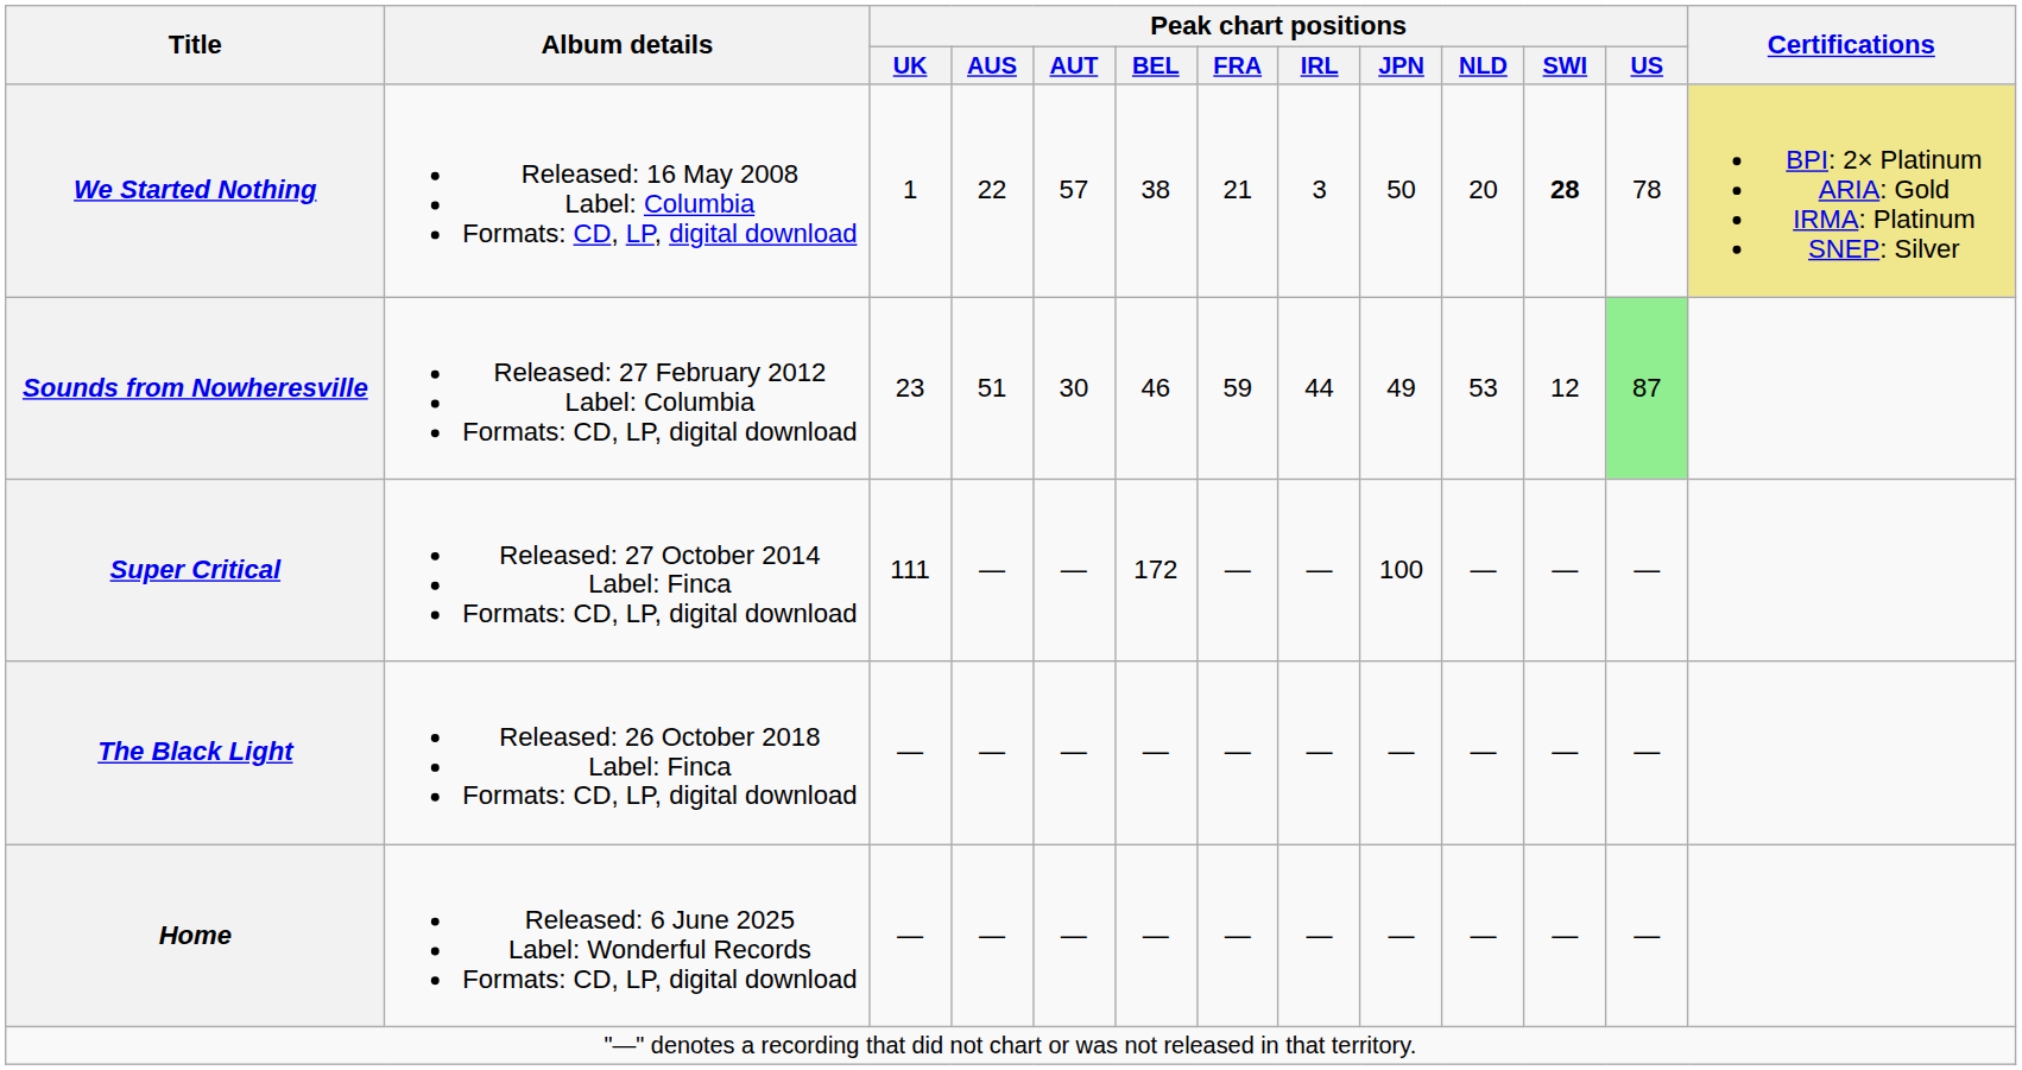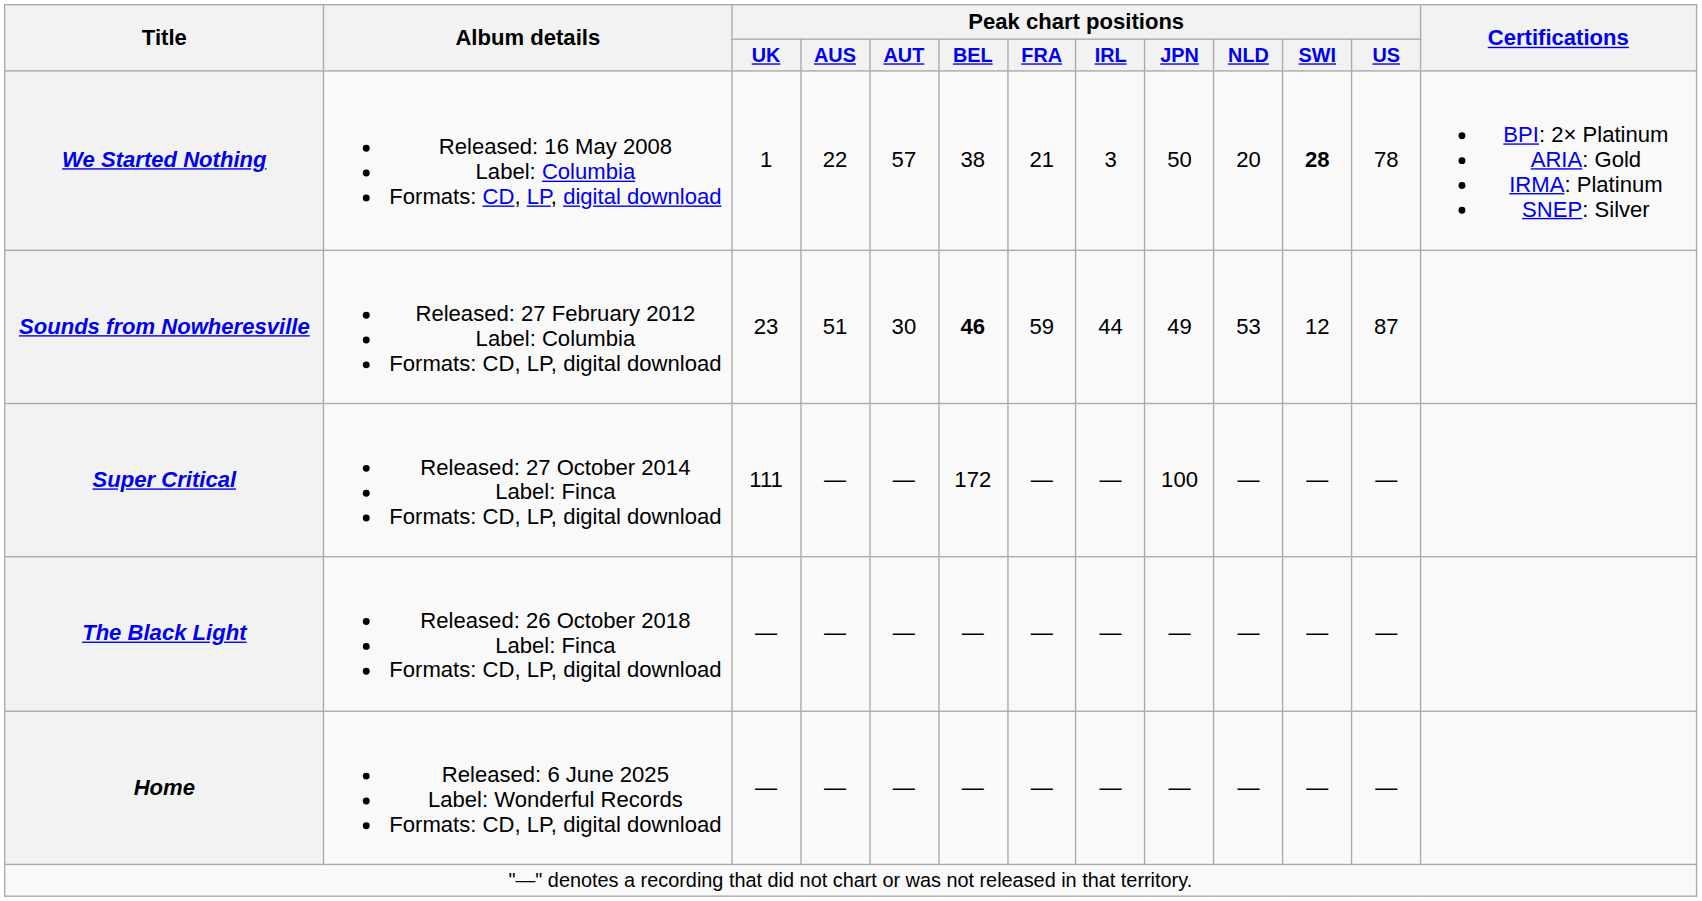 <table class="wikitable plainrowheaders" style="text-align:center;">
 <tr>
 <th scope="col" rowspan="2" style="width:14em;">Title</th>
 <th scope="col" rowspan="2" style="width:18em;">Album details</th>
 <th colspan="10" scope="col">Peak chart positions</th>
 <th scope="col" rowspan="2" style="width:12em;"><a href='#'>Certifications</a></th>
 </tr>
 <tr>
 <th scope="col" style="width:3em;font-size:90%;"><a href='#'>UK</a><br></th>
 <th scope="col" style="width:3em;font-size:90%;"><a href='#'>AUS</a><br></th>
 <th scope="col" style="width:3em;font-size:90%;"><a href='#'>AUT</a><br></th>
 <th scope="col" style="width:3em;font-size:90%;"><a href='#'>BEL</a><br></th>
 <th scope="col" style="width:3em;font-size:90%;"><a href='#'>FRA</a><br></th>
 <th scope="col" style="width:3em;font-size:90%;"><a href='#'>IRL</a><br></th>
 <th scope="col" style="width:3em;font-size:90%;"><a href='#'>JPN</a><br></th>
 <th scope="col" style="width:3em;font-size:90%;"><a href='#'>NLD</a><br></th>
 <th scope="col" style="width:3em;font-size:90%;"><a href='#'>SWI</a><br></th>
 <th scope="col" style="width:3em;font-size:90%;"><a href='#'>US</a><br></th>
 </tr>
 <tr>
 <th scope="row"><em><a href='#'>We Started Nothing</a></em></th>
 <td><br><ul><li>Released: 16 May 2008</li><li>Label: <a href='#'>Columbia</a></li><li>Formats: <a href='#'>CD</a>, <a href='#'>LP</a>, <a href='#'>digital download</a></li></ul></td>
 <td>1</td>
 <td>22</td>
 <td>57</td>
 <td>38</td>
 <td>21</td>
 <td>3</td>
 <td>50</td>
 <td>20</td>
 <td><strong>28</strong></td>
 <td>78</td>
-<td style="background: khaki;"><br><ul><li><a href='#'>BPI</a>: 2× Platinum</li><li><a href='#'>ARIA</a>: Gold</li><li><a href='#'>IRMA</a>: Platinum</li><li><a href='#'>SNEP</a>: Silver</li></ul></td>
+<td><br><ul><li><a href='#'>BPI</a>: 2× Platinum</li><li><a href='#'>ARIA</a>: Gold</li><li><a href='#'>IRMA</a>: Platinum</li><li><a href='#'>SNEP</a>: Silver</li></ul></td>
 </tr>
 <tr>
 <th scope="row"><em><a href='#'>Sounds from Nowheresville</a></em></th>
 <td><br><ul><li>Released: 27 February 2012</li><li>Label: Columbia</li><li>Formats: CD, LP, digital download</li></ul></td>
 <td>23</td>
 <td>51</td>
 <td>30</td>
-<td>46</td>
+<td><strong>46</strong></td>
 <td>59</td>
 <td>44</td>
 <td>49</td>
 <td>53</td>
 <td>12</td>
-<td style="background: lightgreen;">87</td>
+<td>87</td>
 <td></td>
 </tr>
 <tr>
 <th scope="row"><em><a href='#'>Super Critical</a></em></th>
 <td><br><ul><li>Released: 27 October 2014</li><li>Label: Finca</li><li>Formats: CD, LP, digital download</li></ul></td>
 <td>111</td>
 <td>—</td>
 <td>—</td>
 <td>172</td>
 <td>—</td>
 <td>—</td>
 <td>100</td>
 <td>—</td>
 <td>—</td>
 <td>—</td>
 <td></td>
 </tr>
 <tr>
 <th scope="row"><em><a href='#'>The Black Light</a></em></th>
 <td><br><ul><li>Released: 26 October 2018</li><li>Label: Finca</li><li>Formats: CD, LP, digital download</li></ul></td>
 <td>—</td>
 <td>—</td>
 <td>—</td>
 <td>—</td>
 <td>—</td>
 <td>—</td>
 <td>—</td>
 <td>—</td>
 <td>—</td>
 <td>—</td>
 <td></td>
 </tr>
 <tr>
 <th scope="row"><em>Home</em></th>
 <td><br><ul><li>Released: 6 June 2025</li><li>Label: Wonderful Records</li><li>Formats: CD, LP, digital download</li></ul></td>
 <td>—</td>
 <td>—</td>
 <td>—</td>
 <td>—</td>
 <td>—</td>
 <td>—</td>
 <td>—</td>
 <td>—</td>
 <td>—</td>
 <td>—</td>
 <td></td>
 </tr>
 <tr>
 <td colspan="15" style="font-size:90%">"—" denotes a recording that did not chart or was not released in that territory.</td>
 </tr>
 </table>
